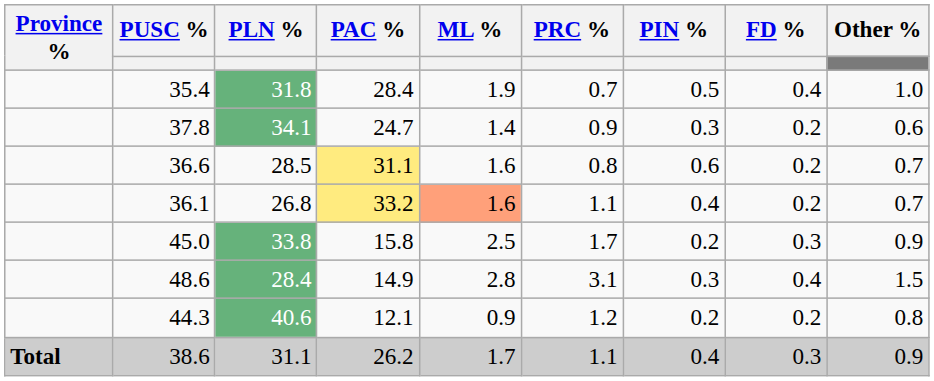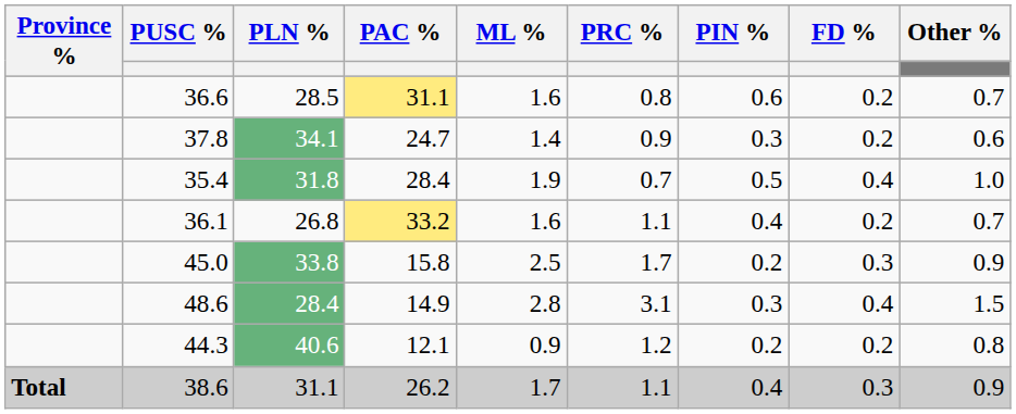 <table class="wikitable sortable" style="text-align:right; font-size:95%">
 <tr>
 <th rowspan=2><a href='#'>Province</a> %</th>
 <th width=60px><a href='#'>PUSC</a> %</th>
 <th width=60px><a href='#'>PLN</a> %</th>
 <th width=60px><a href='#'>PAC</a> %</th>
 <th width=60px><a href='#'>ML</a> %</th>
 <th width=60px><a href='#'>PRC</a> %</th>
 <th width=60px><a href='#'>PIN</a> %</th>
 <th width=60px><a href='#'>FD</a> %</th>
 <th width=60px>Other %</th>
 </tr>
 <tr>
 <th style="background:"></th>
 <th style="background:"></th>
 <th style="background:"></th>
 <th style="background:"></th>
 <th style="background:"></th>
 <th style="background:"></th>
 <th style="background:"></th>
 <th style="background:#7a7a7a"></th>
 </tr>
 <tr>
 <td align="left"></td>
-<td style="background:">35.4</td>
-<td style="background:#66B27B; color:white;">31.8</td>
-<td>28.4</td>
-<td>1.9</td>
+<td style="background:">36.6</td>
+<td>28.5</td>
+<td style="background:#FFEB7F; color:black;">31.1</td>
+<td>1.6</td>
+<td>0.8</td>
+<td>0.6</td>
+<td>0.2</td>
 <td>0.7</td>
-<td>0.5</td>
-<td>0.4</td>
-<td>1.0</td>
 </tr>
 <tr>
 <td align="left"></td>
 <td style="background:">37.8</td>
 <td style="background:#66B27B; color:white;">34.1</td>
 <td>24.7</td>
 <td>1.4</td>
 <td>0.9</td>
 <td>0.3</td>
 <td>0.2</td>
 <td>0.6</td>
 </tr>
 <tr>
 <td align="left"></td>
-<td style="background:">36.6</td>
-<td>28.5</td>
-<td style="background:#FFEB7F; color:black;">31.1</td>
-<td>1.6</td>
-<td>0.8</td>
-<td>0.6</td>
-<td>0.2</td>
+<td style="background:">35.4</td>
+<td style="background:#66B27B; color:white;">31.8</td>
+<td>28.4</td>
+<td>1.9</td>
 <td>0.7</td>
+<td>0.5</td>
+<td>0.4</td>
+<td>1.0</td>
 </tr>
 <tr>
 <td align="left"></td>
 <td style="background:">36.1</td>
 <td>26.8</td>
 <td style="background:#FFEB7F; color:black;">33.2</td>
-<td style="background: lightsalmon;">1.6</td>
+<td>1.6</td>
 <td>1.1</td>
 <td>0.4</td>
 <td>0.2</td>
 <td>0.7</td>
 </tr>
 <tr>
 <td align="left"></td>
 <td style="background:">45.0</td>
 <td style="background:#66B27B; color:white;">33.8</td>
 <td>15.8</td>
 <td>2.5</td>
 <td>1.7</td>
 <td>0.2</td>
 <td>0.3</td>
 <td>0.9</td>
 </tr>
 <tr>
 <td align="left"></td>
 <td style="background:">48.6</td>
 <td style="background:#66B27B; color:white;">28.4</td>
 <td>14.9</td>
 <td>2.8</td>
 <td>3.1</td>
 <td>0.3</td>
 <td>0.4</td>
 <td>1.5</td>
 </tr>
 <tr>
 <td align="left"></td>
 <td style="background:">44.3</td>
 <td style="background:#66B27B; color:white;">40.6</td>
 <td>12.1</td>
 <td>0.9</td>
 <td>1.2</td>
 <td>0.2</td>
 <td>0.2</td>
 <td>0.8</td>
 </tr>
 <tr style="background:#CDCDCD;">
 <td align="left"><strong>Total</strong></td>
 <td style="background:">38.6</td>
 <td>31.1</td>
 <td>26.2</td>
 <td>1.7</td>
 <td>1.1</td>
 <td>0.4</td>
 <td>0.3</td>
 <td>0.9</td>
 </tr>
 </table>
